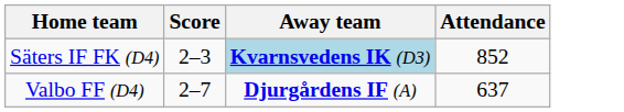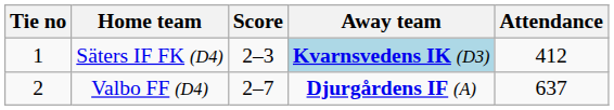 <table class="wikitable" style="text-align:center">
 <tr>
+<th style= style="width:40px;">Tie no</th>
 <th style= style="width:150px;">Home team</th>
 <th style= style="width:60px;">Score</th>
 <th style= style="width:150px;">Away team</th>
 <th style= style="width:30px;">Attendance</th>
 </tr>
 <tr>
+<td>1</td>
 <td><a href='#'>Säters IF FK</a> <em><small>(D4)</small></em></td>
 <td>2–3</td>
 <td style="background: lightblue;"><strong><a href='#'>Kvarnsvedens IK</a></strong> <em><small>(D3)</small></em></td>
-<td>852</td>
+<td>412</td>
 </tr>
 <tr>
+<td>2</td>
 <td><a href='#'>Valbo FF</a> <em><small>(D4)</small></em></td>
 <td>2–7</td>
 <td><strong><a href='#'>Djurgårdens IF</a></strong> <em><small>(A)</small></em></td>
 <td>637</td>
 </tr>
 </table>
